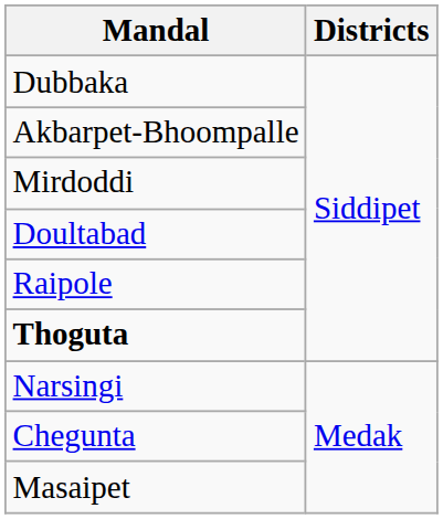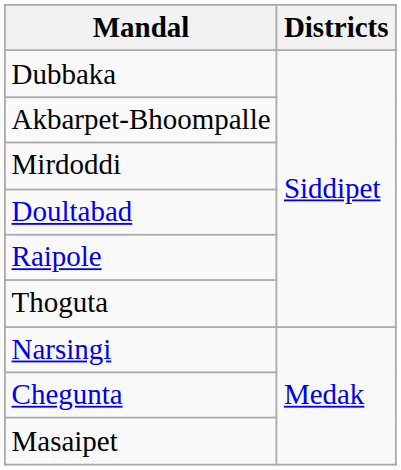 <table class="wikitable sortable static-row-numbers static-row-header-hash">
 <tr>
 <th>Mandal</th>
 <th>Districts</th>
 </tr>
 <tr>
 <td>Dubbaka</td>
 <td rowspan="6"><a href='#'>Siddipet</a></td>
 </tr>
 <tr>
 <td>Akbarpet-Bhoompalle</td>
 </tr>
 <tr>
 <td>Mirdoddi</td>
 </tr>
 <tr>
 <td><a href='#'>Doultabad</a></td>
 </tr>
 <tr>
 <td><a href='#'>Raipole</a></td>
 </tr>
 <tr>
-<td><strong>Thoguta</strong></td>
+<td>Thoguta</td>
 </tr>
 <tr>
 <td><a href='#'>Narsingi</a></td>
 <td rowspan="3"><a href='#'>Medak</a></td>
 </tr>
 <tr>
 <td><a href='#'>Chegunta</a></td>
 </tr>
 <tr>
 <td>Masaipet</td>
 </tr>
 </table>
